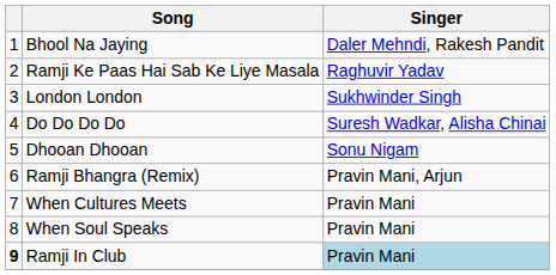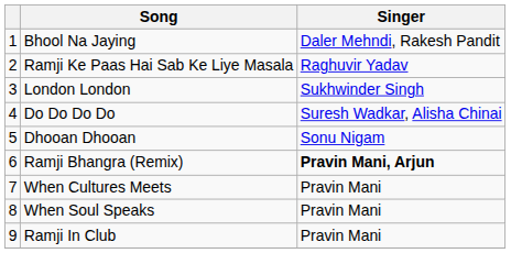 <table class="wikitable">
 <tr style="background:#ccc; text-align:center;">
 <th></th>
 <th>Song</th>
 <th>Singer</th>
 </tr>
 <tr>
 <td>1</td>
 <td>Bhool Na Jaying</td>
 <td><a href='#'>Daler Mehndi</a>, Rakesh Pandit</td>
 </tr>
 <tr>
 <td>2</td>
 <td>Ramji Ke Paas Hai Sab Ke Liye Masala</td>
 <td><a href='#'>Raghuvir Yadav</a></td>
 </tr>
 <tr>
 <td>3</td>
 <td>London London</td>
 <td><a href='#'>Sukhwinder Singh</a></td>
 </tr>
 <tr>
 <td>4</td>
 <td>Do Do Do Do</td>
 <td><a href='#'>Suresh Wadkar</a>, <a href='#'>Alisha Chinai</a></td>
 </tr>
 <tr>
 <td>5</td>
 <td>Dhooan Dhooan</td>
 <td><a href='#'>Sonu Nigam</a></td>
 </tr>
 <tr>
 <td>6</td>
 <td>Ramji Bhangra (Remix)</td>
-<td>Pravin Mani, Arjun</td>
+<td><strong>Pravin Mani, Arjun</strong></td>
 </tr>
 <tr>
 <td>7</td>
 <td>When Cultures Meets</td>
 <td>Pravin Mani</td>
 </tr>
 <tr>
 <td>8</td>
 <td>When Soul Speaks</td>
 <td>Pravin Mani</td>
 </tr>
 <tr>
-<td><strong>9</strong></td>
+<td>9</td>
 <td>Ramji In Club</td>
-<td style="background: lightblue;">Pravin Mani</td>
+<td>Pravin Mani</td>
 </tr>
 <tr>
 </tr>
 </table>
